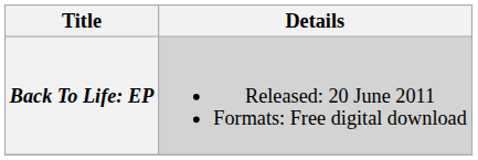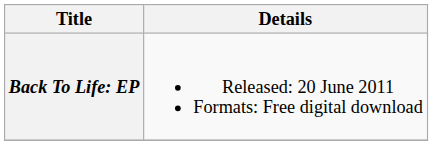 <table class="wikitable plainrowheaders" style="text-align:center;">
 <tr>
 <th scope="col">Title</th>
 <th scope="col">Details</th>
 </tr>
 <tr>
 <th scope="row"><em>Back To Life: EP</em></th>
-<td style="background: lightgrey;"><br><ul><li>Released: 20 June 2011</li><li>Formats: Free digital download</li></ul></td>
+<td><br><ul><li>Released: 20 June 2011</li><li>Formats: Free digital download</li></ul></td>
 </tr>
 <tr>
 </tr>
 </table>
